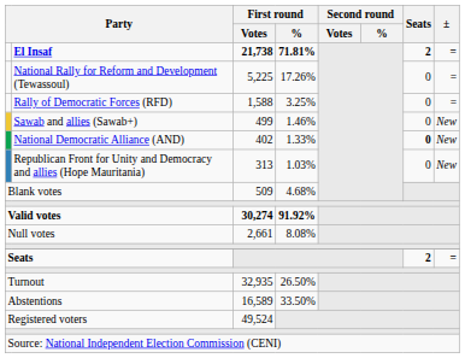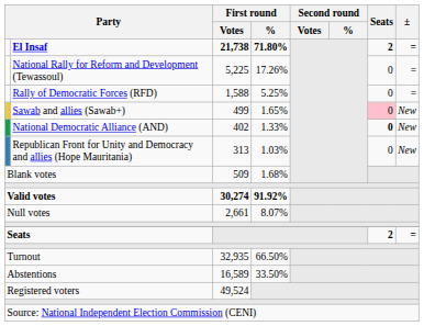 <table class="wikitable" style="text-align:right;font-size:95%;">
 <tr>
 <th rowspan="2" colspan="2" width="700">Party</th>
 <th colspan="2">First round</th>
 <th colspan="2">Second round</th>
 <th rowspan="2" width="25">Seats</th>
 <th rowspan="2" width="20">±</th>
 </tr>
 <tr>
 <th width="50">Votes</th>
 <th width="50">%</th>
 <th width="50">Votes</th>
 <th width="50">%</th>
 </tr>
 <tr>
 <td width="1" style="color:inherit;background:"></td>
 <td style="text-align:left;"><strong><a href='#'>El Insaf</a></strong></td>
 <td><strong>21,738</strong></td>
-<td><strong>71.81%</strong></td>
+<td><strong>71.80%</strong></td>
 <td colspan="2" rowspan="7" style="background:#E9E9E9;"></td>
 <td><strong>2</strong></td>
 <td><strong>=</strong></td>
 </tr>
 <tr>
 <td width="1" style="color:inherit;background:"></td>
 <td style="text-align:left;"><a href='#'>National Rally for Reform and Development</a> (Tewassoul)</td>
 <td>5,225</td>
 <td>17.26%</td>
 <td>0</td>
 <td>=</td>
 </tr>
 <tr>
 <td width="1" style="color:inherit;background:"></td>
 <td style="text-align:left;"><a href='#'>Rally of Democratic Forces</a> (RFD)</td>
 <td>1,588</td>
-<td>3.25%</td>
+<td>5.25%</td>
 <td>0</td>
 <td>=</td>
 </tr>
 <tr>
 <td width="1" style="color:inherit;background:#F0C832;"></td>
 <td style="text-align:left;"><a href='#'>Sawab</a> and <a href='#'>allies</a> (Sawab+)</td>
 <td>499</td>
-<td>1.46%</td>
-<td>0</td>
+<td>1.65%</td>
+<td style="background: pink;">0</td>
 <td><em>New</em></td>
 </tr>
 <tr>
 <td width="1" style="color:inherit;background:#0AA450;"></td>
 <td style="text-align:left;"><a href='#'>National Democratic Alliance</a> (AND)</td>
 <td>402</td>
 <td>1.33%</td>
 <td><strong>0</strong></td>
 <td><em>New</em></td>
 </tr>
 <tr>
 <td width="1" style="color:inherit;background:#3080B7;"></td>
 <td style="text-align:left;">Republican Front for Unity and Democracy and <a href='#'>allies</a> (Hope Mauritania)</td>
 <td>313</td>
 <td>1.03%</td>
 <td>0</td>
 <td><em>New</em></td>
 </tr>
 <tr>
 <td colspan="2" style="text-align:left;">Blank votes</td>
 <td>509</td>
-<td>4.68%</td>
+<td>1.68%</td>
 <td colspan="4" style="background:#E9E9E9;"></td>
 </tr>
 <tr>
 <td colspan="8" style="background:#E9E9E9;"></td>
 </tr>
 <tr style="font-weight:bold;">
 <td colspan="2" style="text-align:left;">Valid votes</td>
 <td>30,274</td>
 <td>91.92%</td>
 <td colspan="4" style="background:#E9E9E9;"></td>
 </tr>
 <tr>
 <td colspan="2" style="text-align:left;">Null votes</td>
 <td>2,661</td>
-<td>8.08%</td>
+<td>8.07%</td>
 <td colspan="4" style="background:#E9E9E9;"></td>
 </tr>
 <tr>
 <td colspan="8" style="background:#E9E9E9;"></td>
 </tr>
 <tr>
 </tr>
 <tr style="font-weight:bold;">
 <td colspan="2" style="text-align:left;">Seats</td>
 <td colspan="4" style="background:#E9E9E9;"></td>
 <td>2</td>
 <td>=</td>
 </tr>
 <tr>
 <td colspan="8" style="background:#E9E9E9;"></td>
 </tr>
 <tr>
 <td colspan="2" style="text-align:left;">Turnout</td>
 <td>32,935</td>
-<td>26.50%</td>
+<td>66.50%</td>
 <td colspan="4" style="background:#E9E9E9;"></td>
 </tr>
 <tr>
 <td colspan="2" style="text-align:left;">Abstentions</td>
 <td>16,589</td>
 <td>33.50%</td>
 <td colspan="4" style="background:#E9E9E9;"></td>
 </tr>
 <tr>
 <td colspan="2" style="text-align:left;">Registered voters</td>
 <td>49,524</td>
 <td colspan="5" style="background:#E9E9E9;"></td>
 </tr>
 <tr>
 <td colspan="8" style="background:#E9E9E9;"></td>
 </tr>
 <tr>
 <td colspan="8" style="text-align:left;">Source: <a href='#'>National Independent Election Commission</a> (CENI)</td>
 </tr>
 </table>
